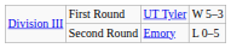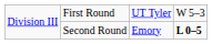 <table class="wikitable">
 <tr>
 <td rowspan="5"><a href='#'>Division III</a></td>
 <td>First Round</td>
 <td><a href='#'>UT Tyler</a></td>
 <td>W 5–3</td>
 </tr>
 <tr>
 <td>Second Round</td>
 <td><a href='#'>Emory</a></td>
-<td>L 0–5</td>
+<td><strong>L 0–5</strong></td>
 </tr>
 </table>
